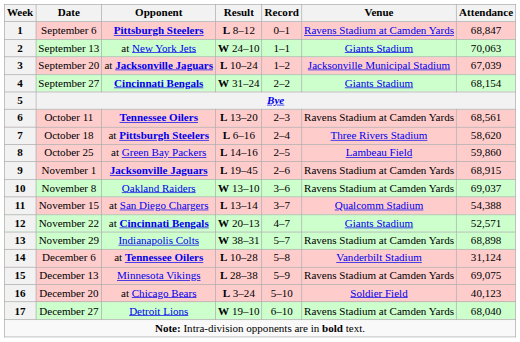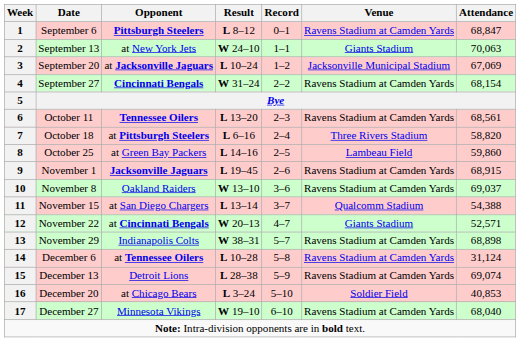 <table class="wikitable" style="text-align:center">
 <tr>
 <th>Week</th>
 <th>Date</th>
 <th>Opponent</th>
 <th>Result</th>
 <th>Record</th>
 <th>Venue</th>
 <th>Attendance</th>
 </tr>
 <tr style="background:#fcc">
 <th>1</th>
 <td>September 6</td>
 <td><strong><a href='#'>Pittsburgh Steelers</a></strong></td>
 <td><strong>L</strong> 8–12</td>
 <td>0–1</td>
 <td><a href='#'>Ravens Stadium at Camden Yards</a></td>
 <td>68,847</td>
 </tr>
 <tr style="background:#cfc">
 <th>2</th>
 <td>September 13</td>
 <td>at <a href='#'>New York Jets</a></td>
 <td><strong>W</strong> 24–10</td>
 <td>1–1</td>
 <td><a href='#'>Giants Stadium</a></td>
 <td>70,063</td>
 </tr>
 <tr style="background:#fcc">
 <th>3</th>
 <td>September 20</td>
 <td>at <strong><a href='#'>Jacksonville Jaguars</a></strong></td>
 <td><strong>L</strong> 10–24</td>
 <td>1–2</td>
 <td><a href='#'>Jacksonville Municipal Stadium</a></td>
-<td>67,039</td>
+<td>67,069</td>
 </tr>
 <tr style="background:#cfc">
 <th>4</th>
 <td>September 27</td>
 <td><strong><a href='#'>Cincinnati Bengals</a></strong></td>
 <td><strong>W</strong> 31–24</td>
 <td>2–2</td>
-<td><a href='#'>Giants Stadium</a></td>
+<td>Ravens Stadium at Camden Yards</td>
 <td>68,154</td>
 </tr>
 <tr>
 <th>5</th>
 <th colspan="6"><em><a href='#'>Bye</a></em></th>
 </tr>
 <tr style="background:#fcc">
 <th>6</th>
 <td>October 11</td>
 <td><strong><a href='#'>Tennessee Oilers</a></strong></td>
 <td><strong>L</strong> 13–20</td>
 <td>2–3</td>
 <td>Ravens Stadium at Camden Yards</td>
 <td>68,561</td>
 </tr>
 <tr style="background:#fcc">
 <th>7</th>
 <td>October 18</td>
 <td>at <strong><a href='#'>Pittsburgh Steelers</a></strong></td>
 <td><strong>L</strong> 6–16</td>
 <td>2–4</td>
 <td><a href='#'>Three Rivers Stadium</a></td>
-<td>58,620</td>
+<td>58,820</td>
 </tr>
 <tr style="background:#fcc">
 <th>8</th>
 <td>October 25</td>
 <td>at <a href='#'>Green Bay Packers</a></td>
 <td><strong>L</strong> 14–16</td>
 <td>2–5</td>
 <td><a href='#'>Lambeau Field</a></td>
 <td>59,860</td>
 </tr>
 <tr style="background:#fcc">
 <th>9</th>
 <td>November 1</td>
 <td><strong><a href='#'>Jacksonville Jaguars</a></strong></td>
 <td><strong>L</strong> 19–45</td>
 <td>2–6</td>
 <td>Ravens Stadium at Camden Yards</td>
 <td>68,915</td>
 </tr>
 <tr style="background:#cfc">
 <th>10</th>
 <td>November 8</td>
 <td><a href='#'>Oakland Raiders</a></td>
 <td><strong>W</strong> 13–10</td>
 <td>3–6</td>
 <td>Ravens Stadium at Camden Yards</td>
 <td>69,037</td>
 </tr>
 <tr style="background:#fcc">
 <th>11</th>
 <td>November 15</td>
 <td>at <a href='#'>San Diego Chargers</a></td>
 <td><strong>L</strong> 13–14</td>
 <td>3–7</td>
 <td><a href='#'>Qualcomm Stadium</a></td>
 <td>54,388</td>
 </tr>
 <tr style="background:#cfc">
 <th>12</th>
 <td>November 22</td>
 <td>at <strong><a href='#'>Cincinnati Bengals</a></strong></td>
 <td><strong>W</strong> 20–13</td>
 <td>4–7</td>
 <td><a href='#'>Giants Stadium</a></td>
 <td>52,571</td>
 </tr>
 <tr style="background:#cfc">
 <th>13</th>
 <td>November 29</td>
 <td><a href='#'>Indianapolis Colts</a></td>
 <td><strong>W</strong> 38–31</td>
 <td>5–7</td>
 <td>Ravens Stadium at Camden Yards</td>
 <td>68,898</td>
 </tr>
 <tr style="background:#fcc">
 <th>14</th>
 <td>December 6</td>
 <td>at <strong><a href='#'>Tennessee Oilers</a></strong></td>
 <td><strong>L</strong> 10–28</td>
 <td>5–8</td>
-<td><a href='#'>Vanderbilt Stadium</a></td>
+<td><a href='#'>Ravens Stadium at Camden Yards</a></td>
 <td>31,124</td>
 </tr>
 <tr style="background:#fcc">
 <th>15</th>
 <td>December 13</td>
-<td><a href='#'>Minnesota Vikings</a></td>
+<td><a href='#'>Detroit Lions</a></td>
 <td><strong>L</strong> 28–38</td>
 <td>5–9</td>
 <td>Ravens Stadium at Camden Yards</td>
-<td>69,075</td>
+<td>69,074</td>
 </tr>
 <tr style="background:#fcc">
 <th>16</th>
 <td>December 20</td>
 <td>at <a href='#'>Chicago Bears</a></td>
 <td><strong>L</strong> 3–24</td>
 <td>5–10</td>
 <td><a href='#'>Soldier Field</a></td>
-<td>40,123</td>
+<td>40,853</td>
 </tr>
 <tr style="background:#cfc">
 <th>17</th>
 <td>December 27</td>
-<td><a href='#'>Detroit Lions</a></td>
+<td><a href='#'>Minnesota Vikings</a></td>
 <td><strong>W</strong> 19–10</td>
 <td>6–10</td>
 <td>Ravens Stadium at Camden Yards</td>
 <td>68,040</td>
 </tr>
 <tr>
 <td colspan="7"><strong>Note:</strong> Intra-division opponents are in <strong>bold</strong> text.</td>
 </tr>
 </table>
